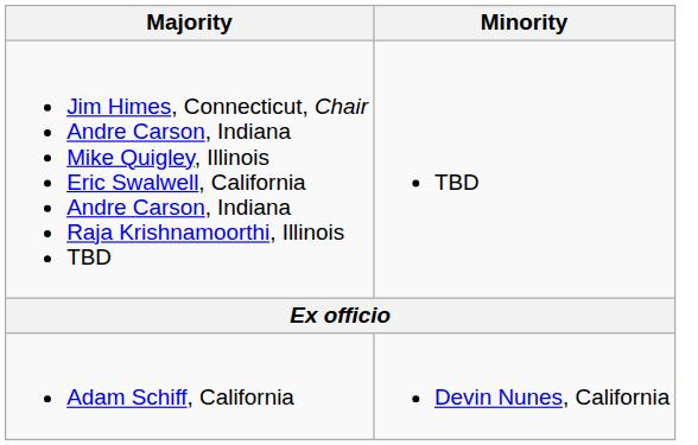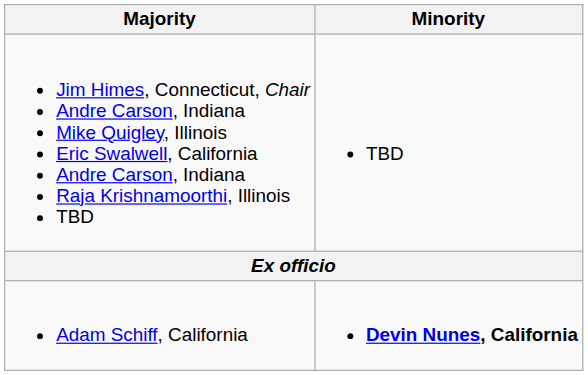 <table class=wikitable>
 <tr>
 <th>Majority</th>
 <th>Minority</th>
 </tr>
 <tr>
 <td><br><ul><li><a href='#'>Jim Himes</a>, Connecticut, <em>Chair</em></li><li><a href='#'>Andre Carson</a>, Indiana</li><li><a href='#'>Mike Quigley</a>, Illinois</li><li><a href='#'>Eric Swalwell</a>, California</li><li><a href='#'>Andre Carson</a>, Indiana</li><li><a href='#'>Raja Krishnamoorthi</a>, Illinois</li><li>TBD</li></ul></td>
 <td><br><ul><li>TBD</li></ul></td>
 </tr>
 <tr>
 <th colspan=2><em>Ex officio</em></th>
 </tr>
 <tr>
 <td><br><ul><li><a href='#'>Adam Schiff</a>, California</li></ul></td>
-<td><br><ul><li><a href='#'>Devin Nunes</a>, California</li></ul></td>
+<td><strong><br><ul><li><a href='#'>Devin Nunes</a>, California</li></ul></strong></td>
 </tr>
 </table>
